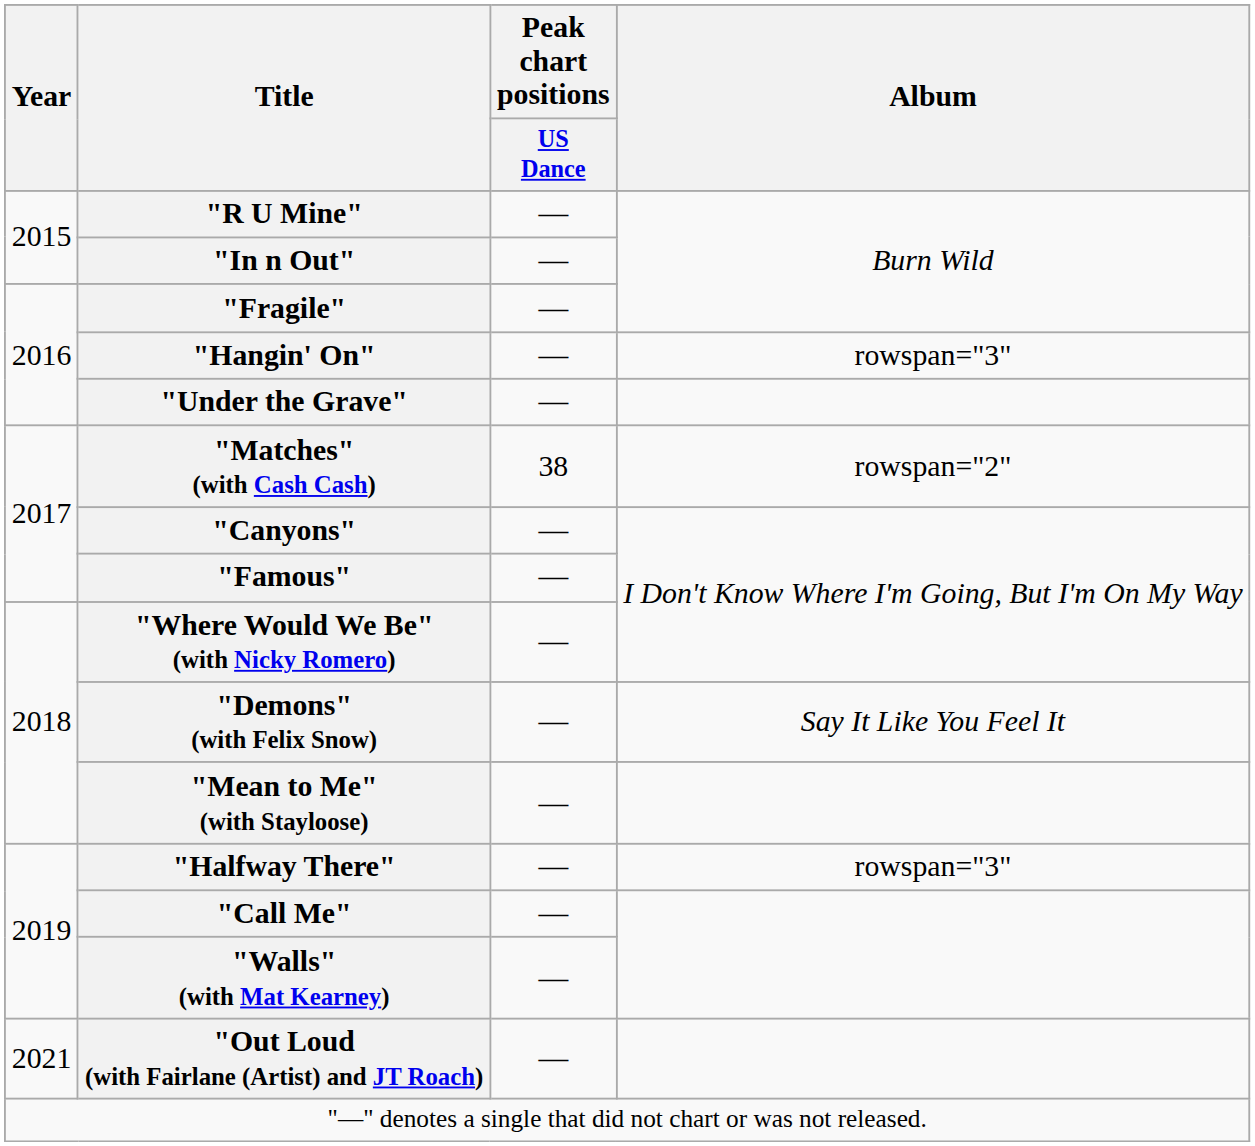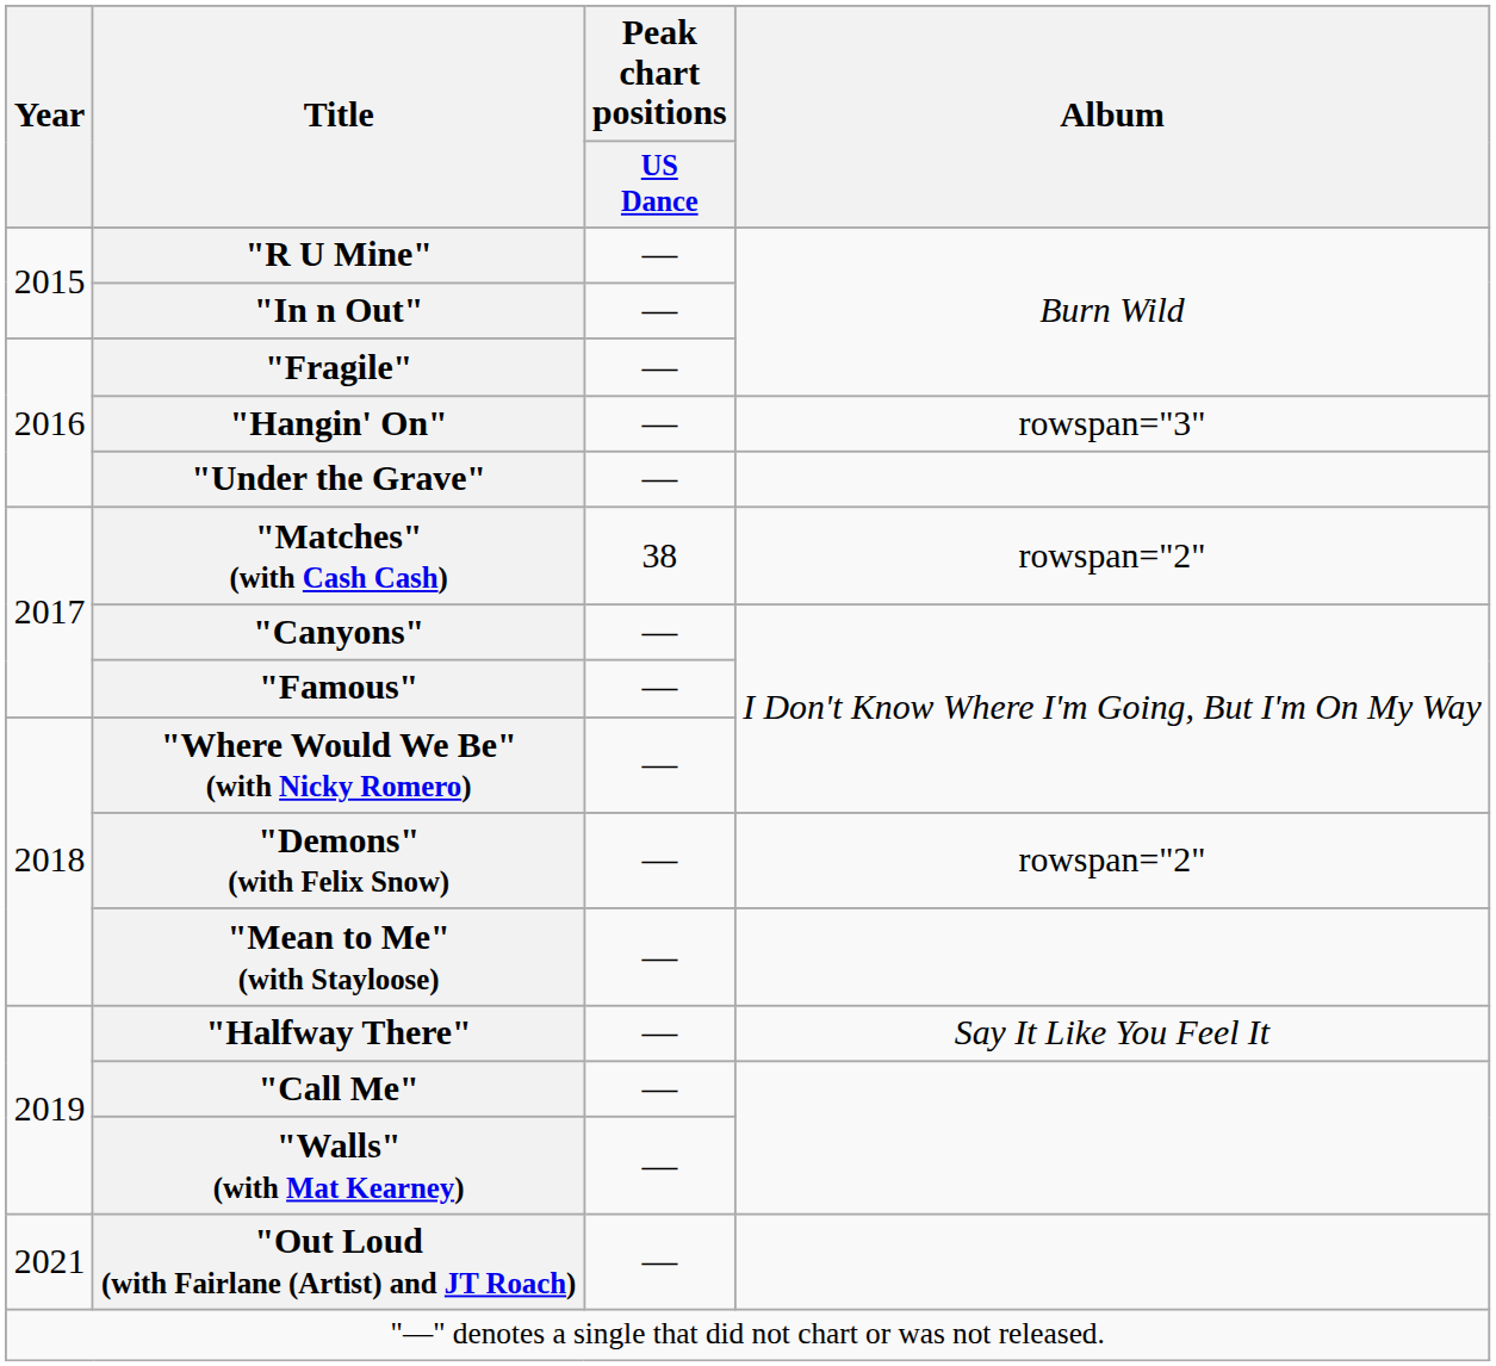 <table class="wikitable plainrowheaders" style="text-align:center;">
 <tr>
 <th rowspan="2">Year</th>
 <th rowspan="2">Title</th>
 <th colspan="1">Peak chart positions</th>
 <th rowspan="2">Album</th>
 </tr>
 <tr style="font-size:smaller;">
 <th scope="col" style="width:3em;font-size:98%;"><a href='#'>US<br>Dance</a><br></th>
 </tr>
 <tr>
 <td rowspan="2">2015</td>
 <th scope="row">"R U Mine"</th>
 <td>—</td>
 <td rowspan="3"><em>Burn Wild</em></td>
 </tr>
 <tr>
 <th scope="row">"In n Out"</th>
 <td>—</td>
 </tr>
 <tr>
 <td rowspan="3">2016</td>
 <th scope="row">"Fragile"</th>
 <td>—</td>
 </tr>
 <tr>
 <th scope="row">"Hangin' On"</th>
 <td>—</td>
 <td>rowspan="3" </td>
 </tr>
 <tr>
 <th scope="row">"Under the Grave"</th>
 <td>—</td>
 </tr>
 <tr>
 <td rowspan="3">2017</td>
 <th scope="row">"Matches" <br><small>(with <a href='#'>Cash Cash</a>)</small></th>
 <td>38</td>
 <td>rowspan="2" </td>
 </tr>
 <tr>
 <th scope="row">"Canyons"</th>
 <td>—</td>
 <td rowspan="3"><em>I Don't Know Where I'm Going, But I'm On My Way</em></td>
 </tr>
 <tr>
 <th scope="row">"Famous"</th>
 <td>—</td>
 </tr>
 <tr>
 <td rowspan="3">2018</td>
 <th scope="row">"Where Would We Be" <br><small>(with <a href='#'>Nicky Romero</a>)</small></th>
 <td>—</td>
 </tr>
 <tr>
 <th scope="row">"Demons"<br><small>(with Felix Snow)</small></th>
 <td>—</td>
-<td><em>Say It Like You Feel It</em></td>
+<td>rowspan="2" </td>
 </tr>
 <tr>
 <th scope="row">"Mean to Me"<br><small>(with Stayloose)</small></th>
 <td>—</td>
 </tr>
 <tr>
 <td rowspan="3">2019</td>
 <th scope="row">"Halfway There"</th>
 <td>—</td>
-<td>rowspan="3" </td>
+<td><em>Say It Like You Feel It</em></td>
 </tr>
 <tr>
 <th scope="row">"Call Me"</th>
 <td>—</td>
 </tr>
 <tr>
 <th scope="row">"Walls"<br><small>(with <a href='#'>Mat Kearney</a>)</small></th>
 <td>—</td>
 </tr>
 <tr>
 <td>2021</td>
 <th scope="row">"Out Loud<br><small>(with Fairlane (Artist) and <a href='#'>JT Roach</a>)</small></th>
 <td>—</td>
 <td></td>
 </tr>
 <tr>
 <td colspan="4" style="font-size:85%">"—" denotes a single that did not chart or was not released.</td>
 </tr>
 </table>
